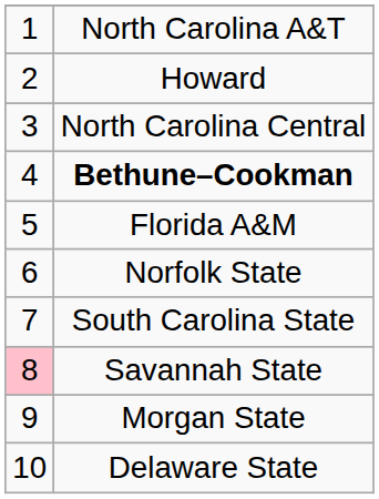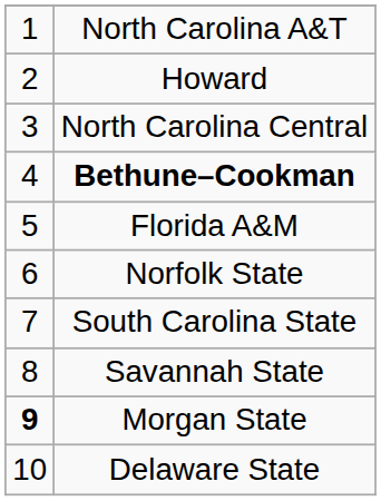 <table class="wikitable">
 <tr align="center">
 </tr>
 <tr align="center">
 <td>1</td>
 <td>North Carolina A&T</td>
 </tr>
 <tr align="center">
 <td>2</td>
 <td>Howard</td>
 </tr>
 <tr align="center">
 <td>3</td>
 <td>North Carolina Central</td>
 </tr>
 <tr align="center">
 <td>4</td>
 <td><strong>Bethune–Cookman</strong></td>
 </tr>
 <tr align="center">
 <td>5</td>
 <td>Florida A&M</td>
 </tr>
 <tr align="center">
 <td>6</td>
 <td>Norfolk State</td>
 </tr>
 <tr align="center">
 <td>7</td>
 <td>South Carolina State</td>
 </tr>
 <tr align="center">
-<td style="background: pink;">8</td>
+<td>8</td>
 <td>Savannah State</td>
 </tr>
 <tr align="center">
-<td>9</td>
+<td><strong>9</strong></td>
 <td>Morgan State</td>
 </tr>
 <tr align="center">
 <td>10</td>
 <td>Delaware State</td>
 </tr>
 </table>
